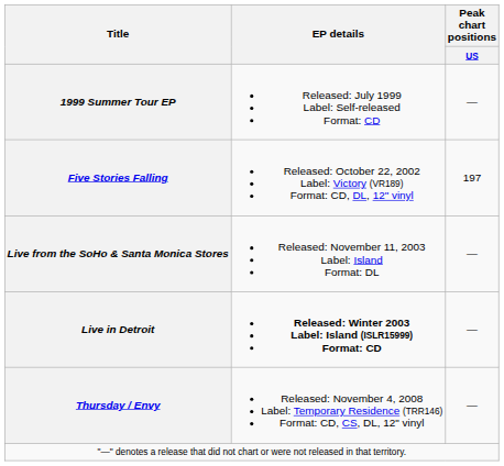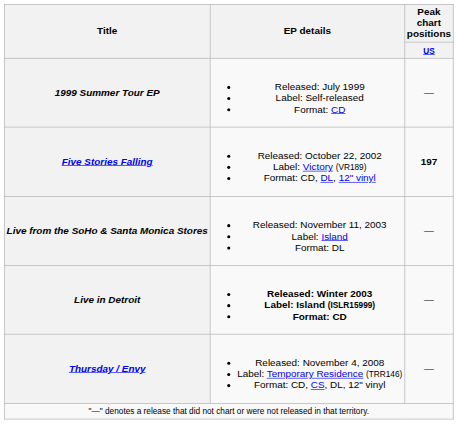 <table class="wikitable plainrowheaders" style="text-align:center;">
 <tr>
 <th scope="col" rowspan="2">Title</th>
 <th scope="col" rowspan="2">EP details</th>
 <th scope="col" colspan="2">Peak chart<br>positions</th>
 </tr>
 <tr>
 <th width="40"><small><a href='#'>US</a></small><br></th>
 </tr>
 <tr>
 <th scope="row"><em>1999 Summer Tour EP</em></th>
 <td><br><ul><li>Released: July 1999</li><li>Label: Self-released</li><li>Format: <a href='#'>CD</a></li></ul></td>
 <td>—</td>
 </tr>
 <tr>
 <th scope="row"><em><a href='#'>Five Stories Falling</a></em></th>
 <td><br><ul><li>Released: October 22, 2002</li><li>Label: <a href='#'>Victory</a> <small>(VR189)</small></li><li>Format: CD, <a href='#'>DL</a>, <a href='#'>12" vinyl</a></li></ul></td>
-<td>197</td>
+<td><strong>197</strong></td>
 </tr>
 <tr>
 <th scope="row"><em>Live from the SoHo & Santa Monica Stores</em></th>
 <td><br><ul><li>Released: November 11, 2003</li><li>Label: <a href='#'>Island</a></li><li>Format: DL</li></ul></td>
 <td>—</td>
 </tr>
 <tr>
 <th scope="row"><em>Live in Detroit</em></th>
 <td><strong><br><ul><li>Released: Winter 2003</li><li>Label: Island <small>(ISLR15999)</small></li><li>Format: CD</li></ul></strong></td>
 <td>—</td>
 </tr>
 <tr>
 <th scope="row"><em><a href='#'>Thursday / Envy</a></em></th>
 <td><br><ul><li>Released: November 4, 2008</li><li>Label: <a href='#'>Temporary Residence</a> <small>(TRR146)</small></li><li>Format: CD, <a href='#'>CS</a>, DL, 12" vinyl</li></ul></td>
 <td>—</td>
 </tr>
 <tr>
 <td colspan="10"><small>"—" denotes a release that did not chart or were not released in that territory.</small></td>
 </tr>
 </table>
